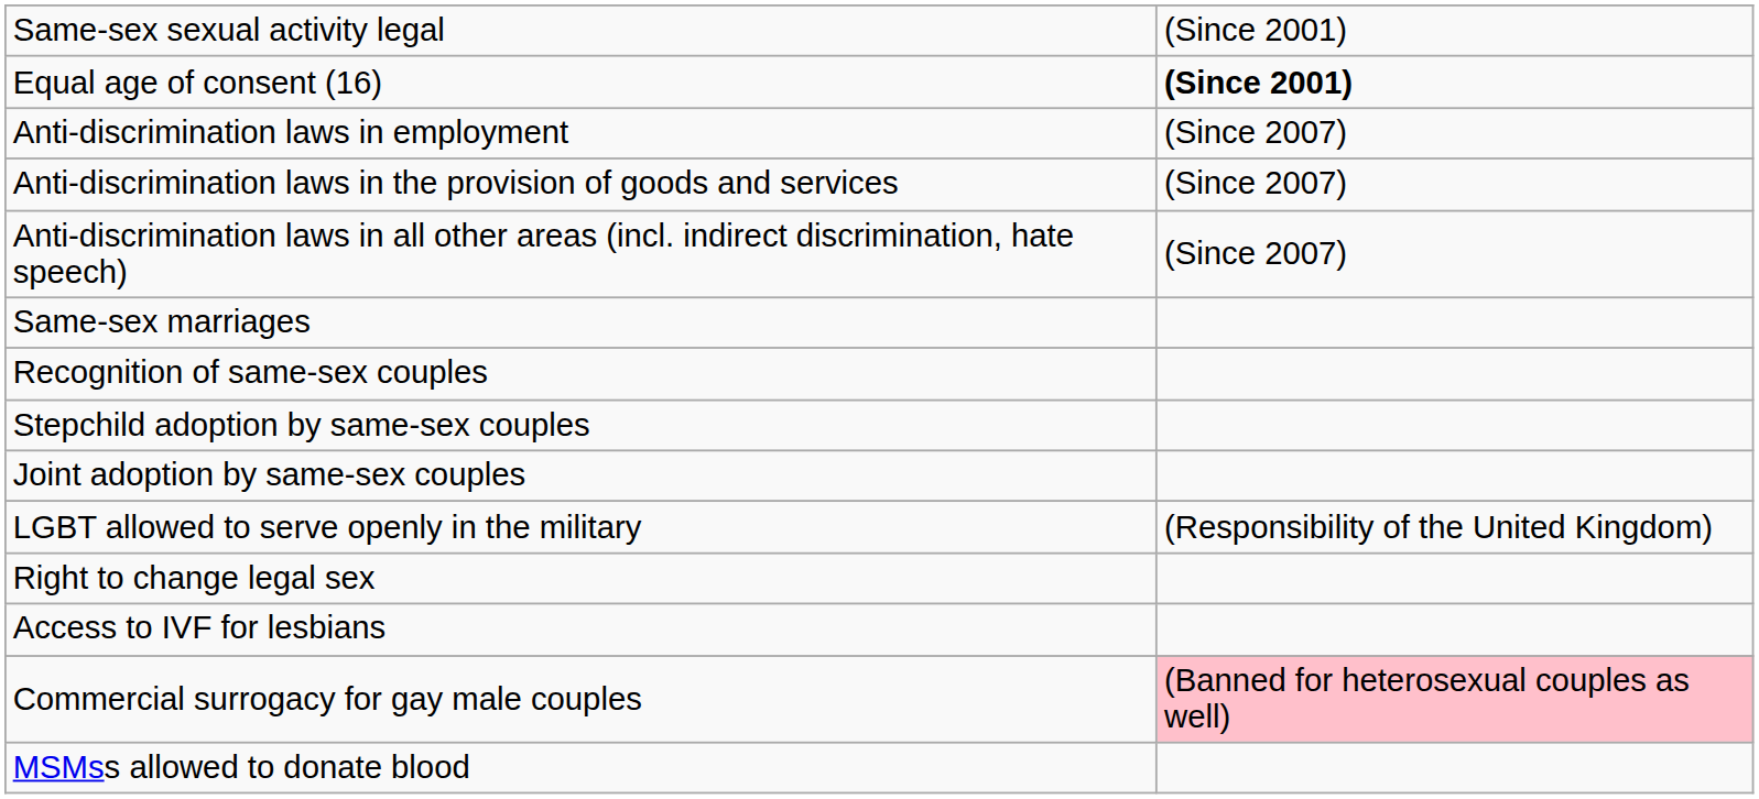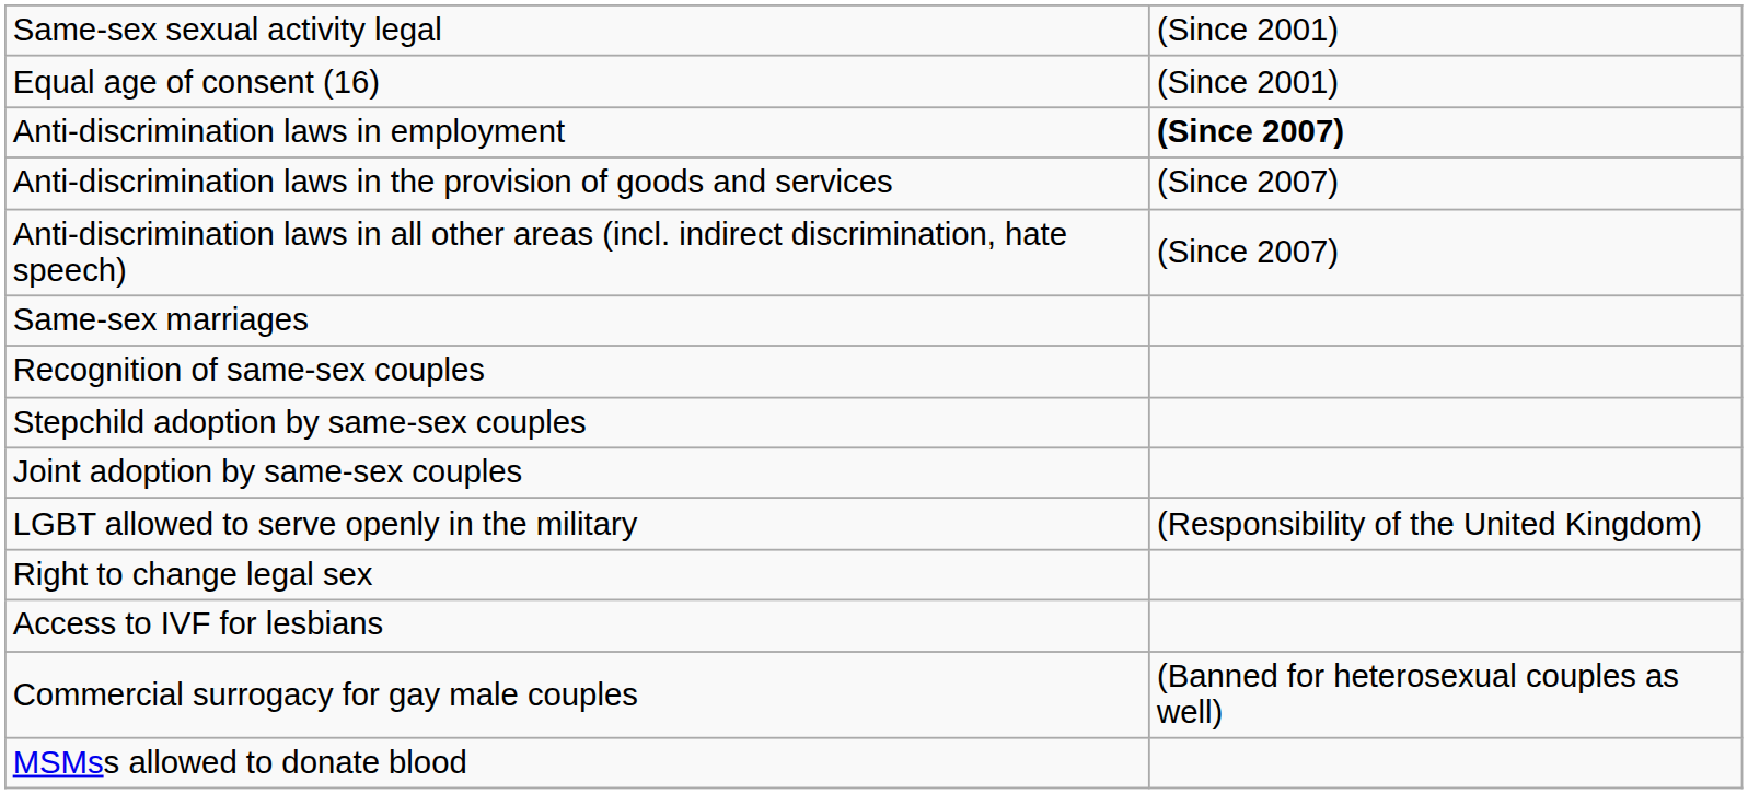 <table class="wikitable">
 <tr>
 <td>Same-sex sexual activity legal</td>
 <td> (Since 2001)</td>
 </tr>
 <tr>
 <td>Equal age of consent (16)</td>
-<td><strong> (Since 2001)</strong></td>
+<td> (Since 2001)</td>
 </tr>
 <tr>
 <td>Anti-discrimination laws in employment</td>
-<td> (Since 2007)</td>
+<td><strong> (Since 2007)</strong></td>
 </tr>
 <tr>
 <td>Anti-discrimination laws in the provision of goods and services</td>
 <td> (Since 2007)</td>
 </tr>
 <tr>
 <td>Anti-discrimination laws in all other areas (incl. indirect discrimination, hate speech)</td>
 <td> (Since 2007)</td>
 </tr>
 <tr>
 <td>Same-sex marriages</td>
 <td></td>
 </tr>
 <tr>
 <td>Recognition of same-sex couples</td>
 <td></td>
 </tr>
 <tr>
 <td>Stepchild adoption by same-sex couples</td>
 <td></td>
 </tr>
 <tr>
 <td>Joint adoption by same-sex couples</td>
 <td></td>
 </tr>
 <tr>
 <td>LGBT allowed to serve openly in the military</td>
 <td> (Responsibility of the United Kingdom)</td>
 </tr>
 <tr>
 <td>Right to change legal sex</td>
 <td></td>
 </tr>
 <tr>
 <td>Access to IVF for lesbians</td>
 <td></td>
 </tr>
 <tr>
 <td>Commercial surrogacy for gay male couples</td>
-<td style="background: pink;"> (Banned for heterosexual couples as well)</td>
+<td> (Banned for heterosexual couples as well)</td>
 </tr>
 <tr>
 <td><a href='#'>MSMs</a>s allowed to donate blood</td>
 <td></td>
 </tr>
 </table>
